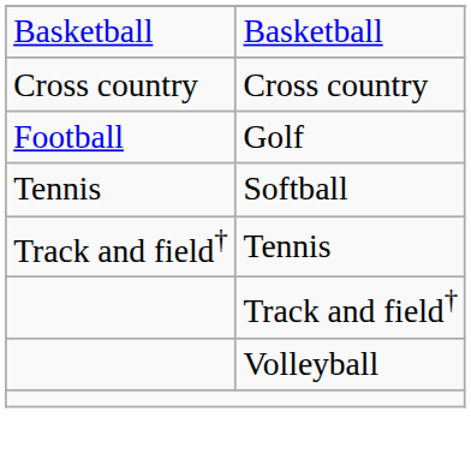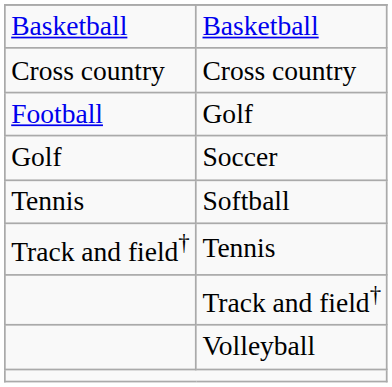 <table class="wikitable" style= "">
 <tr>
 </tr>
 <tr>
 <td><a href='#'>Basketball</a></td>
 <td><a href='#'>Basketball</a></td>
 </tr>
 <tr>
 <td>Cross country</td>
 <td>Cross country</td>
 </tr>
 <tr>
 <td><a href='#'>Football</a></td>
 <td>Golf</td>
+</tr>
+<tr>
+<td>Golf</td>
+<td>Soccer</td>
 </tr>
 <tr>
 <td>Tennis</td>
 <td>Softball</td>
 </tr>
 <tr>
 <td>Track and field<sup>†</sup></td>
 <td>Tennis</td>
 </tr>
 <tr>
 <td></td>
 <td>Track and field<sup>†</sup></td>
 </tr>
 <tr>
 <td></td>
 <td>Volleyball</td>
 </tr>
 <tr>
 <td colspan="2"></td>
 </tr>
 </table>
